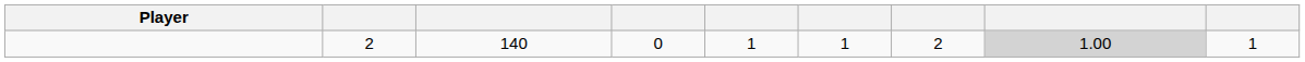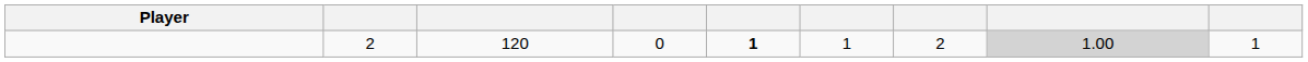 <table class="wikitable sortable" style="width:100%;">
 <tr style="text-align:center; background:#ddd;">
 <th>Player</th>
 <th></th>
 <th></th>
 <th></th>
 <th></th>
 <th></th>
 <th></th>
 <th></th>
 <th></th>
 </tr>
 <tr align=center>
 <td></td>
 <td>2</td>
-<td>140</td>
+<td>120</td>
 <td>0</td>
-<td>1</td>
+<td><strong>1</strong></td>
 <td>1</td>
 <td>2</td>
 <td style="background: lightgrey;">1.00</td>
 <td>1</td>
 </tr>
 </table>
